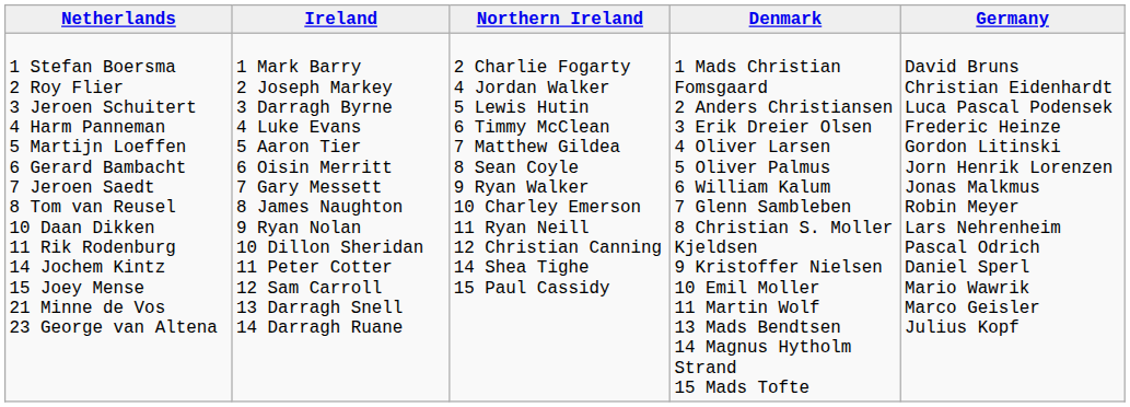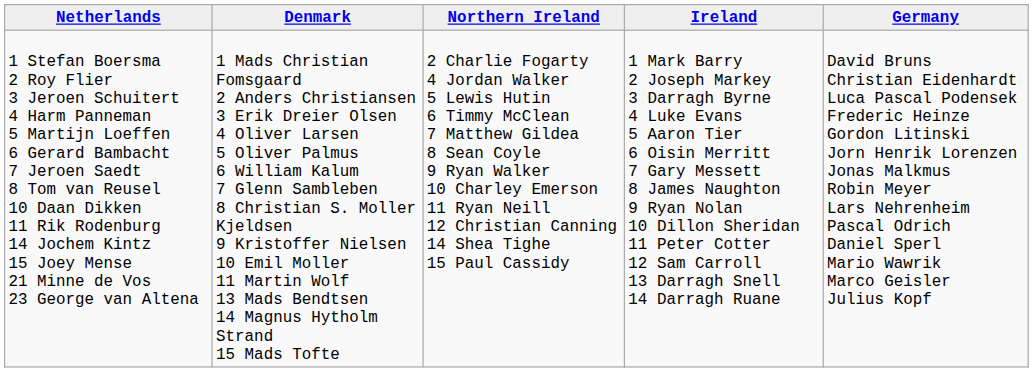 <table class="wikitable mw-collapsible mw-collapsed" cellpadding=5 cellspacing=0 style="width:95%">
 <tr align=center>
 <td bgcolor="#efefef" width="200"><strong> <a href='#'>Netherlands</a></strong></td>
+<td bgcolor="#efefef" width="200"><strong> <a href='#'>Denmark</a></strong></td>
+<td bgcolor="#efefef" width="200"><strong> <a href='#'>Northern Ireland</a></strong></td>
 <td bgcolor="#efefef" width="200"><strong> <a href='#'>Ireland</a></strong></td>
-<td bgcolor="#efefef" width="200"><strong> <a href='#'>Northern Ireland</a></strong></td>
-<td bgcolor="#efefef" width="200"><strong> <a href='#'>Denmark</a></strong></td>
 <td bgcolor="#efefef" width="200"><strong> <a href='#'>Germany</a></strong></td>
 </tr>
 <tr valign=top>
 <td><br>1 Stefan Boersma<br> 2 Roy Flier<br> 3 Jeroen Schuitert<br> 4 Harm Panneman<br> 5 Martijn Loeffen<br> 6 Gerard Bambacht<br> 7 Jeroen Saedt<br> 8 Tom van Reusel<br> 10 Daan Dikken<br> 11 Rik Rodenburg<br> 14 Jochem Kintz<br> 15 Joey Mense<br> 21 Minne de Vos<br> 23 George van Altena<br></td>
+<td><br>1	Mads Christian Fomsgaard<br> 2	Anders Christiansen<br> 3	Erik Dreier Olsen<br> 4	Oliver Larsen<br> 5	Oliver Palmus<br> 6	William Kalum<br> 7	Glenn Sambleben<br> 8	Christian S. Moller Kjeldsen<br> 9	Kristoffer Nielsen<br> 10	Emil Moller<br> 11	Martin Wolf<br> 13	Mads Bendtsen<br> 14	Magnus Hytholm Strand<br> 15	Mads Tofte<br></td>
+<td><br>2 Charlie Fogarty<br> 4 Jordan Walker<br> 5 Lewis Hutin<br> 6 Timmy McClean<br> 7 Matthew Gildea<br> 8 Sean Coyle<br> 9 Ryan Walker<br> 10 Charley Emerson<br> 11 Ryan Neill<br> 12 Christian Canning<br> 14 Shea Tighe<br> 15 Paul Cassidy<br></td>
 <td><br>1 Mark Barry<br> 2 Joseph Markey<br> 3 Darragh Byrne<br> 4 Luke Evans<br> 5 Aaron Tier<br> 6 Oisin Merritt<br> 7 Gary Messett<br> 8 James Naughton<br> 9 Ryan Nolan<br> 10 Dillon Sheridan<br> 11 Peter Cotter<br> 12 Sam Carroll<br> 13 Darragh Snell<br> 14 Darragh Ruane<br></td>
-<td><br>2 Charlie Fogarty<br> 4 Jordan Walker<br> 5 Lewis Hutin<br> 6 Timmy McClean<br> 7 Matthew Gildea<br> 8 Sean Coyle<br> 9 Ryan Walker<br> 10 Charley Emerson<br> 11 Ryan Neill<br> 12 Christian Canning<br> 14 Shea Tighe<br> 15 Paul Cassidy<br></td>
-<td><br>1	Mads Christian Fomsgaard<br> 2	Anders Christiansen<br> 3	Erik Dreier Olsen<br> 4	Oliver Larsen<br> 5	Oliver Palmus<br> 6	William Kalum<br> 7	Glenn Sambleben<br> 8	Christian S. Moller Kjeldsen<br> 9	Kristoffer Nielsen<br> 10	Emil Moller<br> 11	Martin Wolf<br> 13	Mads Bendtsen<br> 14	Magnus Hytholm Strand<br> 15	Mads Tofte<br></td>
 <td><br> David Bruns<br>  Christian Eidenhardt<br>  Luca Pascal Podensek<br>  Frederic Heinze<br>  Gordon Litinski<br>  Jorn Henrik Lorenzen<br>  Jonas Malkmus<br>  Robin Meyer<br>  Lars Nehrenheim<br>  Pascal Odrich<br>  Daniel Sperl<br>  Mario Wawrik<br>  Marco Geisler<br>  Julius Kopf<br></td>
 </tr>
 </table>
